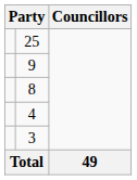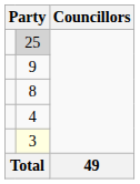 <table class="wikitable">
 <tr>
 <th colspan=2>Party</th>
 <th>Councillors</th>
 </tr>
 <tr>
 <td></td>
-<td align=center>25</td>
+<td align=center style="background: lightgrey;">25</td>
 </tr>
 <tr>
 <td></td>
 <td align=center>9</td>
 </tr>
 <tr>
 <td></td>
 <td align=center>8</td>
 </tr>
 <tr>
 <td></td>
 <td align=center>4</td>
 </tr>
 <tr>
 <td></td>
-<td align=center>3</td>
+<td align=center style="background: lightyellow;">3</td>
 </tr>
 <tr>
 <th colspan=2>Total</th>
 <th align=center>49</th>
 </tr>
 </table>
